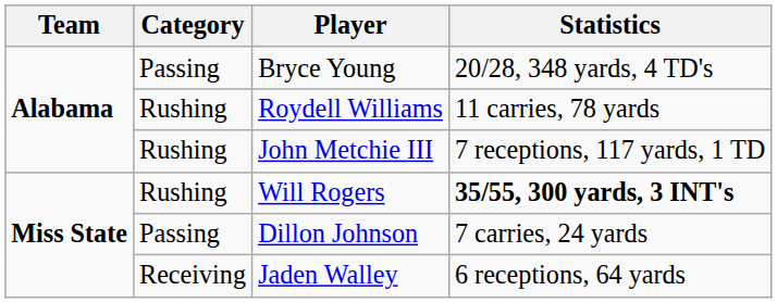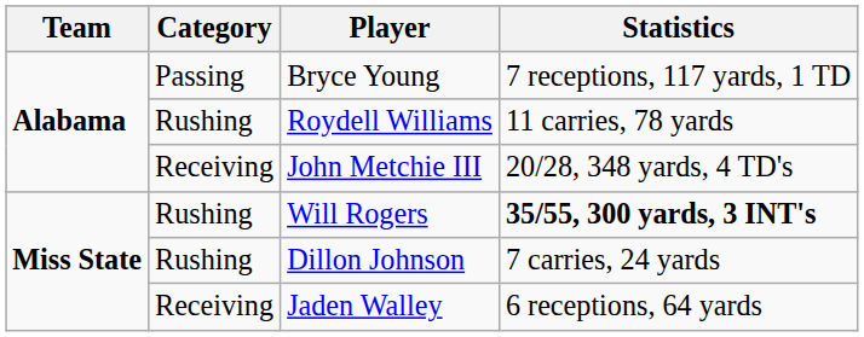 <table class="wikitable" style="float: right;">
 <tr>
 <th>Team</th>
 <th>Category</th>
 <th>Player</th>
 <th>Statistics</th>
 </tr>
 <tr>
 <td rowspan=3><strong>Alabama</strong></td>
 <td>Passing</td>
 <td>Bryce Young</td>
-<td>20/28, 348 yards, 4 TD's</td>
+<td>7 receptions, 117 yards, 1 TD</td>
 </tr>
 <tr>
 <td>Rushing</td>
 <td><a href='#'>Roydell Williams</a></td>
 <td>11 carries, 78 yards</td>
 </tr>
 <tr>
-<td>Rushing</td>
+<td>Receiving</td>
 <td><a href='#'>John Metchie III</a></td>
-<td>7 receptions, 117 yards, 1 TD</td>
+<td>20/28, 348 yards, 4 TD's</td>
 </tr>
 <tr>
 <td rowspan=3><strong>Miss State</strong></td>
 <td>Rushing</td>
 <td><a href='#'>Will Rogers</a></td>
 <td><strong>35/55, 300 yards, 3 INT's</strong></td>
 </tr>
 <tr>
-<td>Passing</td>
+<td>Rushing</td>
 <td><a href='#'>Dillon Johnson</a></td>
 <td>7 carries, 24 yards</td>
 </tr>
 <tr>
 <td>Receiving</td>
 <td><a href='#'>Jaden Walley</a></td>
 <td>6 receptions, 64 yards</td>
 </tr>
 </table>
